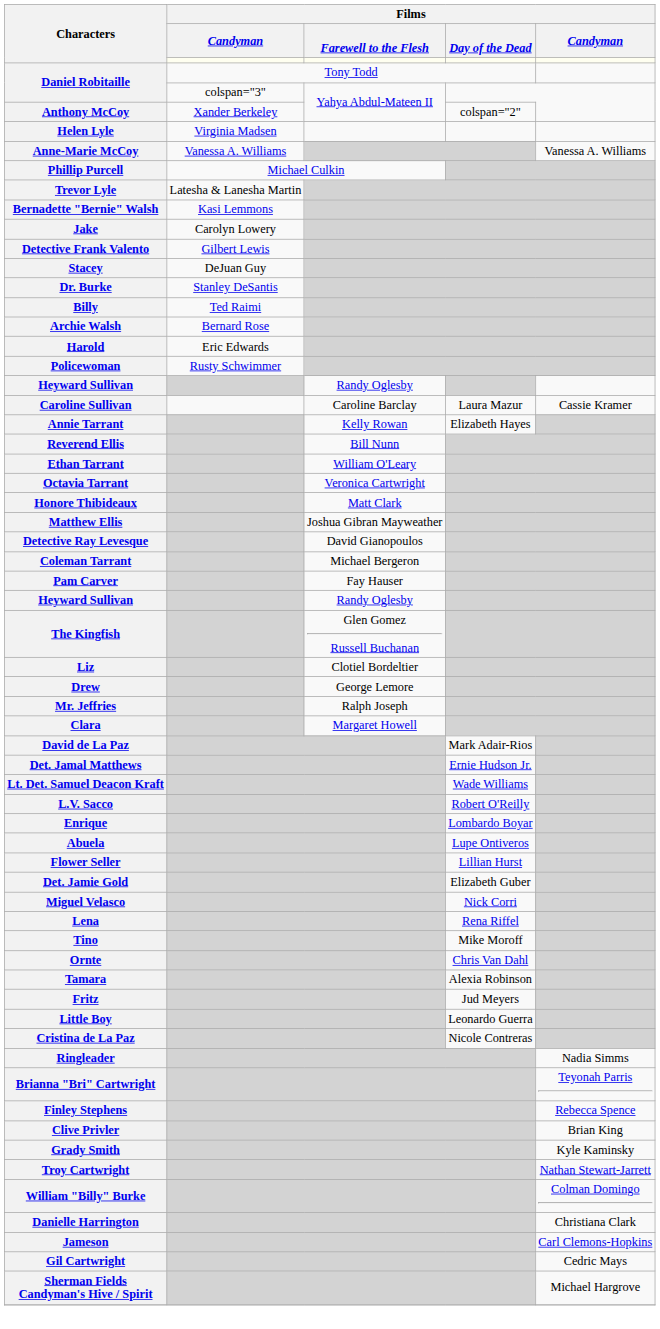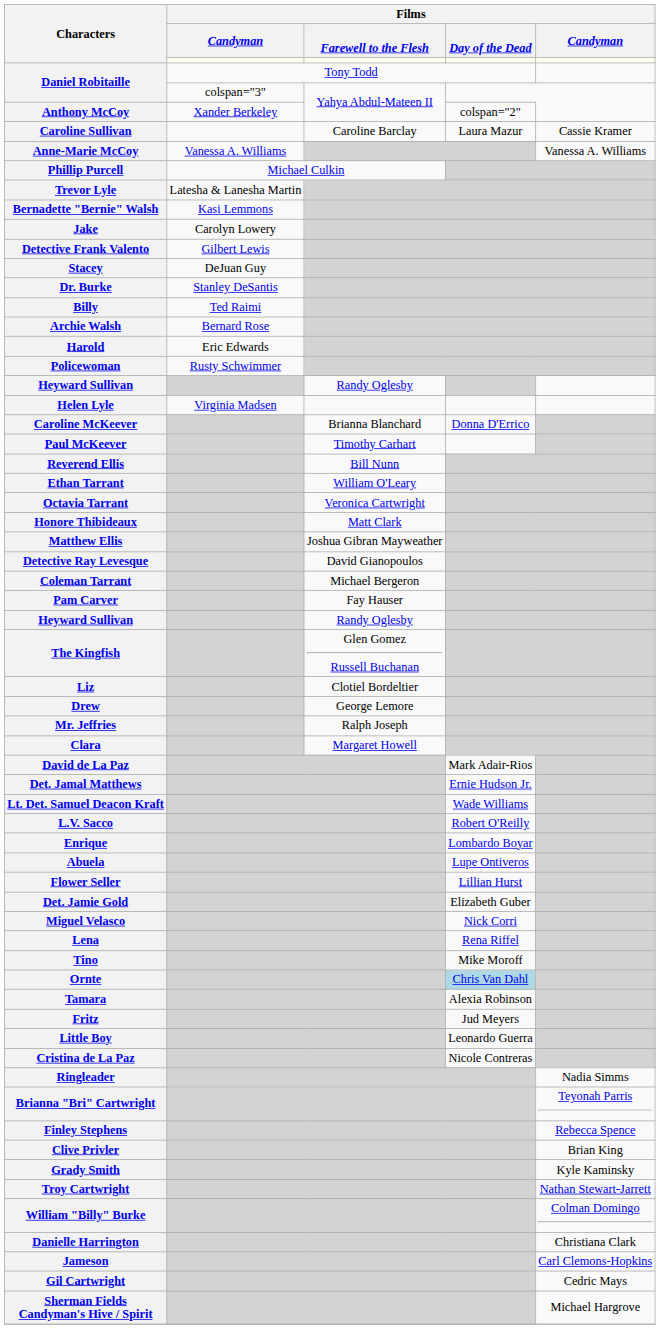 <table class="wikitable" style="text-align:center">
 <tr>
 <th rowspan="3">Characters</th>
 <th colspan="4">Films</th>
 </tr>
 <tr>
 <th><em><a href='#'>Candyman</a></em></th>
 <th><em><a href='#'><br>Farewell to the Flesh</a></em></th>
 <th><em><a href='#'><br>Day of the Dead</a></em></th>
 <th><em><a href='#'>Candyman</a></em></th>
 </tr>
 <tr>
 <th style="background:ivory;"></th>
 <th style="background:ivory;"></th>
 <th style="background:ivory;"></th>
 <th style="background:ivory;"></th>
 </tr>
 <tr>
 <th rowspan="2"><a href='#'>Daniel Robitaille<br></a></th>
 <td colspan="3"><a href='#'>Tony Todd</a></td>
 <td></td>
 </tr>
 <tr>
 <td>colspan="3" </td>
 <td rowspan="2"><a href='#'>Yahya Abdul-Mateen II</a></td>
 </tr>
 <tr>
 <th><a href='#'>Anthony McCoy</a></th>
 <td><a href='#'>Xander Berkeley</a></td>
 <td>colspan="2" </td>
 </tr>
 <tr>
-<th><a href='#'>Helen Lyle</a></th>
-<td><a href='#'>Virginia Madsen</a></td>
+<th><a href='#'>Caroline Sullivan</a></th>
 <td></td>
-<td></td>
-<td></td>
+<td>Caroline Barclay</td>
+<td>Laura Mazur</td>
+<td>Cassie Kramer</td>
 </tr>
 <tr>
 <th><a href='#'>Anne-Marie McCoy</a></th>
 <td><a href='#'>Vanessa A. Williams</a></td>
 <td colspan="2" style="background:#d3d3d3;"></td>
 <td>Vanessa A. Williams</td>
 </tr>
 <tr>
 <th><a href='#'>Phillip Purcell</a></th>
 <td colspan="2"><a href='#'>Michael Culkin</a></td>
 <td colspan="2" style="background:#d3d3d3;"></td>
 </tr>
 <tr>
 <th><a href='#'>Trevor Lyle</a></th>
 <td>Latesha & Lanesha Martin</td>
 <td colspan="3" style="background:#d3d3d3;"></td>
 </tr>
 <tr>
 <th><a href='#'>Bernadette "Bernie" Walsh</a></th>
 <td><a href='#'>Kasi Lemmons</a></td>
 <td colspan="3" style="background:#d3d3d3;"></td>
 </tr>
 <tr>
 <th><a href='#'>Jake</a></th>
 <td>Carolyn Lowery</td>
 <td colspan="3" style="background:#d3d3d3;"></td>
 </tr>
 <tr>
 <th><a href='#'>Detective Frank Valento</a></th>
 <td><a href='#'>Gilbert Lewis</a></td>
 <td colspan="3" style="background:#d3d3d3;"></td>
 </tr>
 <tr>
 <th><a href='#'>Stacey</a></th>
 <td>DeJuan Guy</td>
 <td colspan="3" style="background:#d3d3d3;"></td>
 </tr>
 <tr>
 <th><a href='#'>Dr. Burke</a></th>
 <td><a href='#'>Stanley DeSantis</a></td>
 <td colspan="3" style="background:#d3d3d3;"></td>
 </tr>
 <tr>
 <th><a href='#'>Billy</a></th>
 <td><a href='#'>Ted Raimi</a></td>
 <td colspan="3" style="background:#d3d3d3;"></td>
 </tr>
 <tr>
 <th><a href='#'>Archie Walsh</a></th>
 <td><a href='#'>Bernard Rose</a></td>
 <td colspan="3" style="background:#d3d3d3;"></td>
 </tr>
 <tr>
 <th><a href='#'>Harold</a></th>
 <td>Eric Edwards</td>
 <td colspan="3" style="background:#d3d3d3;"></td>
 </tr>
 <tr>
 <th><a href='#'>Policewoman</a></th>
 <td><a href='#'>Rusty Schwimmer</a></td>
 <td colspan="3" style="background:#d3d3d3;"></td>
 </tr>
 <tr>
 <th><a href='#'>Heyward Sullivan</a></th>
 <td style="background:#d3d3d3;"></td>
 <td><a href='#'>Randy Oglesby</a></td>
 <td style="background:#d3d3d3;"></td>
 <td></td>
 </tr>
 <tr>
-<th><a href='#'>Caroline Sullivan</a></th>
+<th><a href='#'>Helen Lyle</a></th>
+<td><a href='#'>Virginia Madsen</a></td>
 <td></td>
-<td>Caroline Barclay</td>
-<td>Laura Mazur</td>
-<td>Cassie Kramer</td>
+<td></td>
+<td></td>
 </tr>
 <tr>
-<th><a href='#'>Annie Tarrant</a></th>
+<th><a href='#'>Caroline McKeever<br></a></th>
 <td style="background:#d3d3d3;"></td>
-<td><a href='#'>Kelly Rowan</a></td>
-<td>Elizabeth Hayes</td>
+<td>Brianna Blanchard</td>
+<td><a href='#'>Donna D'Errico</a></td>
+<td style="background:#d3d3d3;"></td>
+</tr>
+<tr>
+<th><a href='#'>Paul McKeever</a></th>
+<td style="background:#d3d3d3;"></td>
+<td><a href='#'>Timothy Carhart</a></td>
+<td></td>
 <td style="background:#d3d3d3;"></td>
 </tr>
 <tr>
 <th><a href='#'>Reverend Ellis</a></th>
 <td style="background:#d3d3d3;"></td>
 <td><a href='#'>Bill Nunn</a></td>
 <td colspan="2" style="background:#d3d3d3;"></td>
 </tr>
 <tr>
 <th><a href='#'>Ethan Tarrant</a></th>
 <td style="background:#d3d3d3;"></td>
 <td><a href='#'>William O'Leary</a></td>
 <td colspan="2" style="background:#d3d3d3;"></td>
 </tr>
 <tr>
 <th><a href='#'>Octavia Tarrant</a></th>
 <td style="background:#d3d3d3;"></td>
 <td><a href='#'>Veronica Cartwright</a></td>
 <td colspan="2" style="background:#d3d3d3;"></td>
 </tr>
 <tr>
 <th><a href='#'>Honore Thibideaux</a></th>
 <td style="background:#d3d3d3;"></td>
 <td><a href='#'>Matt Clark</a></td>
 <td colspan="2" style="background:#d3d3d3;"></td>
 </tr>
 <tr>
 <th><a href='#'>Matthew Ellis</a></th>
 <td style="background:#d3d3d3;"></td>
 <td>Joshua Gibran Mayweather</td>
 <td colspan="2" style="background:#d3d3d3;"></td>
 </tr>
 <tr>
 <th><a href='#'>Detective Ray Levesque</a></th>
 <td style="background:#d3d3d3;"></td>
 <td>David Gianopoulos</td>
 <td colspan="2" style="background:#d3d3d3;"></td>
 </tr>
 <tr>
 <th><a href='#'>Coleman Tarrant</a></th>
 <td style="background:#d3d3d3;"></td>
 <td>Michael Bergeron</td>
 <td colspan="2" style="background:#d3d3d3;"></td>
 </tr>
 <tr>
 <th><a href='#'>Pam Carver</a></th>
 <td style="background:#d3d3d3;"></td>
 <td>Fay Hauser</td>
 <td colspan="2" style="background:#d3d3d3;"></td>
 </tr>
 <tr>
 <th><a href='#'>Heyward Sullivan</a></th>
 <td style="background:#d3d3d3;"></td>
 <td><a href='#'>Randy Oglesby</a></td>
 <td colspan="2" style="background:#d3d3d3;"></td>
 </tr>
 <tr>
 <th><a href='#'>The Kingfish</a></th>
 <td style="background:#d3d3d3;"></td>
 <td>Glen Gomez<hr><a href='#'>Russell Buchanan</a></td>
 <td colspan="2" style="background:#d3d3d3;"></td>
 </tr>
 <tr>
 <th><a href='#'>Liz</a></th>
 <td style="background:#d3d3d3;"></td>
 <td>Clotiel Bordeltier</td>
 <td colspan="2" style="background:#d3d3d3;"></td>
 </tr>
 <tr>
 <th><a href='#'>Drew</a></th>
 <td style="background:#d3d3d3;"></td>
 <td>George Lemore</td>
 <td colspan="2" style="background:#d3d3d3;"></td>
 </tr>
 <tr>
 <th><a href='#'>Mr. Jeffries</a></th>
 <td style="background:#d3d3d3;"></td>
 <td>Ralph Joseph</td>
 <td colspan="2" style="background:#d3d3d3;"></td>
 </tr>
 <tr>
 <th><a href='#'>Clara</a></th>
 <td style="background:#d3d3d3;"></td>
 <td><a href='#'>Margaret Howell</a></td>
 <td colspan="2" style="background:#d3d3d3;"></td>
 </tr>
 <tr>
 <th><a href='#'>David de La Paz</a></th>
 <td colspan="2" style="background:#d3d3d3;"></td>
 <td>Mark Adair-Rios</td>
 <td style="background:#d3d3d3;"></td>
 </tr>
 <tr>
 <th><a href='#'>Det. Jamal Matthews</a></th>
 <td colspan="2" style="background:#d3d3d3;"></td>
 <td><a href='#'>Ernie Hudson Jr.</a></td>
 <td style="background:#d3d3d3;"></td>
 </tr>
 <tr>
 <th><a href='#'>Lt. Det. Samuel Deacon Kraft</a></th>
 <td colspan="2" style="background:#d3d3d3;"></td>
 <td><a href='#'>Wade Williams</a></td>
 <td style="background:#d3d3d3;"></td>
 </tr>
 <tr>
 <th><a href='#'>L.V. Sacco</a></th>
 <td colspan="2" style="background:#d3d3d3;"></td>
 <td><a href='#'>Robert O'Reilly</a></td>
 <td style="background:#d3d3d3;"></td>
 </tr>
 <tr>
 <th><a href='#'>Enrique</a></th>
 <td colspan="2" style="background:#d3d3d3;"></td>
 <td><a href='#'>Lombardo Boyar</a></td>
 <td style="background:#d3d3d3;"></td>
 </tr>
 <tr>
 <th><a href='#'>Abuela</a></th>
 <td colspan="2" style="background:#d3d3d3;"></td>
 <td><a href='#'>Lupe Ontiveros</a></td>
 <td style="background:#d3d3d3;"></td>
 </tr>
 <tr>
 <th><a href='#'>Flower Seller</a></th>
 <td colspan="2" style="background:#d3d3d3;"></td>
 <td><a href='#'>Lillian Hurst</a></td>
 <td style="background:#d3d3d3;"></td>
 </tr>
 <tr>
 <th><a href='#'>Det. Jamie Gold</a></th>
 <td colspan="2" style="background:#d3d3d3;"></td>
 <td>Elizabeth Guber</td>
 <td style="background:#d3d3d3;"></td>
 </tr>
 <tr>
 <th><a href='#'>Miguel Velasco</a></th>
 <td colspan="2" style="background:#d3d3d3;"></td>
 <td><a href='#'>Nick Corri</a></td>
 <td style="background:#d3d3d3;"></td>
 </tr>
 <tr>
 <th><a href='#'>Lena</a></th>
 <td colspan="2" style="background:#d3d3d3;"></td>
 <td><a href='#'>Rena Riffel</a></td>
 <td style="background:#d3d3d3;"></td>
 </tr>
 <tr>
 <th><a href='#'>Tino</a></th>
 <td colspan="2" style="background:#d3d3d3;"></td>
 <td>Mike Moroff</td>
 <td style="background:#d3d3d3;"></td>
 </tr>
 <tr>
 <th><a href='#'>Ornte</a></th>
 <td colspan="2" style="background:#d3d3d3;"></td>
-<td><a href='#'>Chris Van Dahl</a></td>
+<td style="background: lightblue;"><a href='#'>Chris Van Dahl</a></td>
 <td style="background:#d3d3d3;"></td>
 </tr>
 <tr>
 <th><a href='#'>Tamara</a></th>
 <td colspan="2" style="background:#d3d3d3;"></td>
 <td>Alexia Robinson</td>
 <td style="background:#d3d3d3;"></td>
 </tr>
 <tr>
 <th><a href='#'>Fritz</a></th>
 <td colspan="2" style="background:#d3d3d3;"></td>
 <td>Jud Meyers</td>
 <td style="background:#d3d3d3;"></td>
 </tr>
 <tr>
 <th><a href='#'>Little Boy</a></th>
 <td colspan="2" style="background:#d3d3d3;"></td>
 <td>Leonardo Guerra</td>
 <td style="background:#d3d3d3;"></td>
 </tr>
 <tr>
 <th><a href='#'>Cristina de La Paz</a></th>
 <td colspan="2" style="background:#d3d3d3;"></td>
 <td>Nicole Contreras</td>
 <td style="background:#d3d3d3;"></td>
 </tr>
 <tr>
 <th><a href='#'>Ringleader</a></th>
 <td colspan="3" style="background:#d3d3d3;"></td>
 <td>Nadia Simms</td>
 </tr>
 <tr>
 <th><a href='#'>Brianna  "Bri" Cartwright</a></th>
 <td colspan="3" style="background:#d3d3d3;"></td>
 <td><a href='#'>Teyonah Parris</a><hr></td>
 </tr>
 <tr>
 <th><a href='#'>Finley Stephens</a></th>
 <td colspan="3" style="background:#d3d3d3;"></td>
 <td><a href='#'>Rebecca Spence</a></td>
 </tr>
 <tr>
 <th><a href='#'>Clive Privler</a></th>
 <td colspan="3" style="background:#d3d3d3;"></td>
 <td>Brian King</td>
 </tr>
 <tr>
 <th><a href='#'>Grady Smith</a></th>
 <td colspan="3" style="background:#d3d3d3;"></td>
 <td>Kyle Kaminsky</td>
 </tr>
 <tr>
 <th><a href='#'>Troy Cartwright</a></th>
 <td colspan="3" style="background:#d3d3d3;"></td>
 <td><a href='#'>Nathan Stewart-Jarrett</a></td>
 </tr>
 <tr>
 <th><a href='#'>William "Billy" Burke</a></th>
 <td colspan="3" style="background:#d3d3d3;"></td>
 <td><a href='#'>Colman Domingo</a><hr></td>
 </tr>
 <tr>
 <th><a href='#'>Danielle Harrington</a></th>
 <td colspan="3" style="background:#d3d3d3;"></td>
 <td>Christiana Clark</td>
 </tr>
 <tr>
 <th><a href='#'>Jameson</a></th>
 <td colspan="3" style="background:#d3d3d3;"></td>
 <td><a href='#'>Carl Clemons-Hopkins</a></td>
 </tr>
 <tr>
 <th><a href='#'>Gil Cartwright</a></th>
 <td colspan="3" style="background:#d3d3d3;"></td>
 <td>Cedric Mays</td>
 </tr>
 <tr>
 <th><a href='#'>Sherman Fields</a><br><a href='#'>Candyman's Hive / Spirit</a></th>
 <td colspan="3" style="background:#d3d3d3;"></td>
 <td>Michael Hargrove</td>
 </tr>
 <tr>
 </tr>
 </table>
